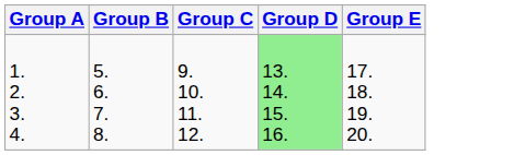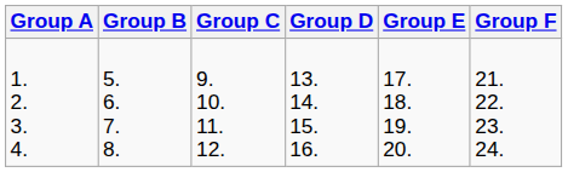 <table class="wikitable">
 <tr>
 <th><a href='#'>Group A</a></th>
 <th><a href='#'>Group B</a></th>
 <th><a href='#'>Group C</a></th>
 <th><a href='#'>Group D</a></th>
 <th><a href='#'>Group E</a></th>
+<th><a href='#'>Group F</a></th>
 </tr>
 <tr>
 <td valign="top"><br>1. <br> 2. <br> 3. <br> 4. </td>
 <td valign="top"><br>5. <br> 6. <br> 7. <br> 8. </td>
 <td valign="top"><br>9. <br> 10. <br> 11. <br> 12. </td>
-<td valign="top" style="background: lightgreen;"><br>13. <br>  14. <br> 15. <br> 16. </td>
+<td valign="top"><br>13. <br>  14. <br> 15. <br> 16. </td>
 <td valign="top"><br>17. <br> 18. <br> 19. <br> 20. </td>
+<td valign="top"><br>21. <br> 22. <br> 23. <br> 24. </td>
 </tr>
 </table>
